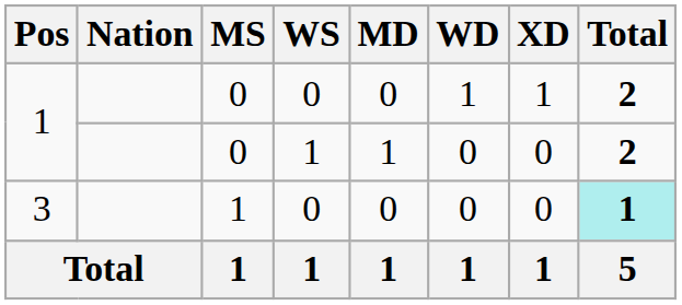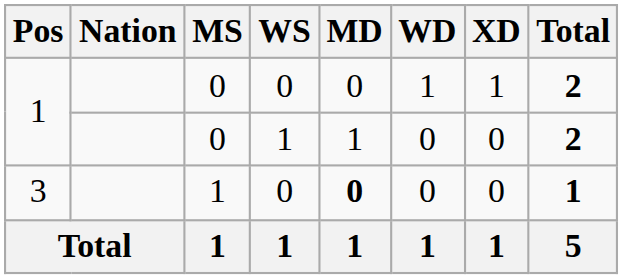 <table class="wikitable" style="text-align:center">
 <tr>
 <th width="20">Pos</th>
 <th>Nation</th>
 <th width="20">MS</th>
 <th width="20">WS</th>
 <th width="20">MD</th>
 <th width="20">WD</th>
 <th width="20">XD</th>
 <th>Total</th>
 </tr>
 <tr>
 <td rowspan=2>1</td>
 <td align=left></td>
 <td>0</td>
 <td>0</td>
 <td>0</td>
 <td>1</td>
 <td>1</td>
 <td><strong>2</strong></td>
 </tr>
 <tr>
 <td align=left></td>
 <td>0</td>
 <td>1</td>
 <td>1</td>
 <td>0</td>
 <td>0</td>
 <td><strong>2</strong></td>
 </tr>
 <tr>
 <td>3</td>
 <td align=left></td>
 <td>1</td>
 <td>0</td>
+<td><strong>0</strong></td>
 <td>0</td>
 <td>0</td>
-<td>0</td>
-<td style="background: paleturquoise;"><strong>1</strong></td>
+<td><strong>1</strong></td>
 </tr>
 <tr>
 <th colspan=2 align=center>Total</th>
 <th>1</th>
 <th>1</th>
 <th>1</th>
 <th>1</th>
 <th>1</th>
 <th>5</th>
 </tr>
 </table>
